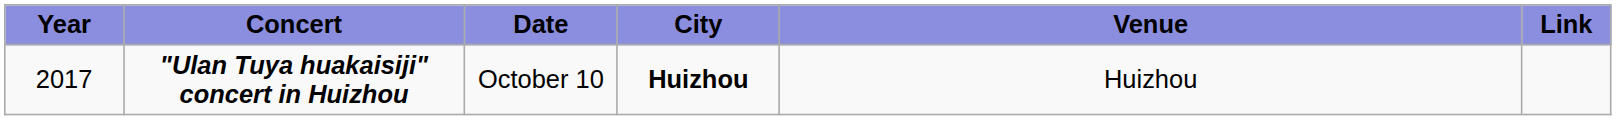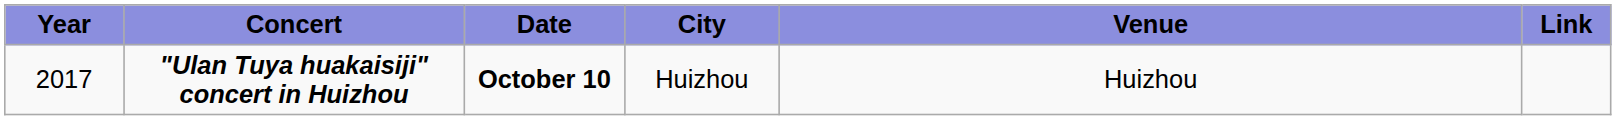 <table class="wikitable sortable mw-collapsible" width="80%" style="text-align:center">
 <tr align="center" style="background:#8B8EDE">
 <td style="width:2%"><strong>Year</strong></td>
 <td style="width:8%"><strong>Concert</strong></td>
 <td style="width:2%"><strong>Date</strong></td>
 <td style="width:2%"><strong>City</strong></td>
 <td style="width:18%"><strong>Venue</strong></td>
 <td style="width:1%"><strong>Link</strong></td>
 </tr>
 <tr>
 <td rowspan="2">2017</td>
 <td rowspan="2"><strong><em>"Ulan Tuya huakaisiji" concert in Huizhou</em></strong></td>
-<td>October 10</td>
-<td><strong>Huizhou</strong></td>
+<td><strong>October 10</strong></td>
+<td>Huizhou</td>
 <td>Huizhou</td>
 <td></td>
 </tr>
 </table>
